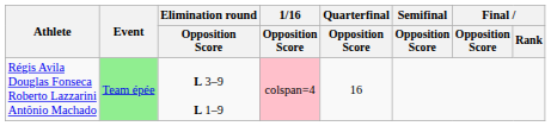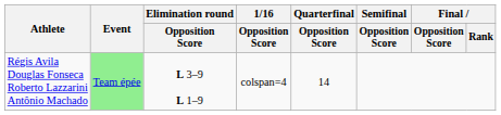 <table class="wikitable" style="font-size:90%">
 <tr>
 <th rowspan="2">Athlete</th>
 <th rowspan="2">Event</th>
 <th>Elimination round</th>
 <th>1/16</th>
 <th>Quarterfinal</th>
 <th>Semifinal</th>
 <th colspan=2>Final / </th>
 </tr>
 <tr style="font-size:95%">
 <th>Opposition <br> Score</th>
 <th>Opposition <br> Score</th>
 <th>Opposition <br> Score</th>
 <th>Opposition <br> Score</th>
 <th>Opposition <br> Score</th>
 <th>Rank</th>
 </tr>
 <tr align=center>
 <td align=left><a href='#'>Régis Avila</a><br><a href='#'>Douglas Fonseca</a><br><a href='#'>Roberto Lazzarini</a><br><a href='#'>Antônio Machado</a></td>
 <td align=left style="background: lightgreen;"><a href='#'>Team épée</a></td>
 <td><br><strong>L</strong> 3–9<br><br><strong>L</strong> 1–9</td>
-<td style="background: pink;">colspan=4 </td>
-<td>16</td>
+<td>colspan=4 </td>
+<td>14</td>
 </tr>
 </table>
